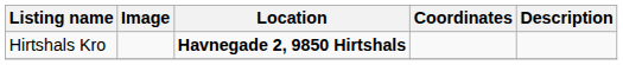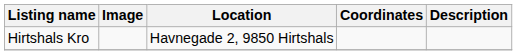 <table class="wikitable sortable">
 <tr>
 <th>Listing name</th>
 <th>Image</th>
 <th>Location</th>
 <th>Coordinates</th>
 <th>Description</th>
 </tr>
 <tr>
 <td>Hirtshals Kro</td>
 <td></td>
-<td><strong>Havnegade 2, 9850 Hirtshals</strong></td>
+<td>Havnegade 2, 9850 Hirtshals</td>
 <td></td>
 <td></td>
 </tr>
 <tr>
 </tr>
 </table>
